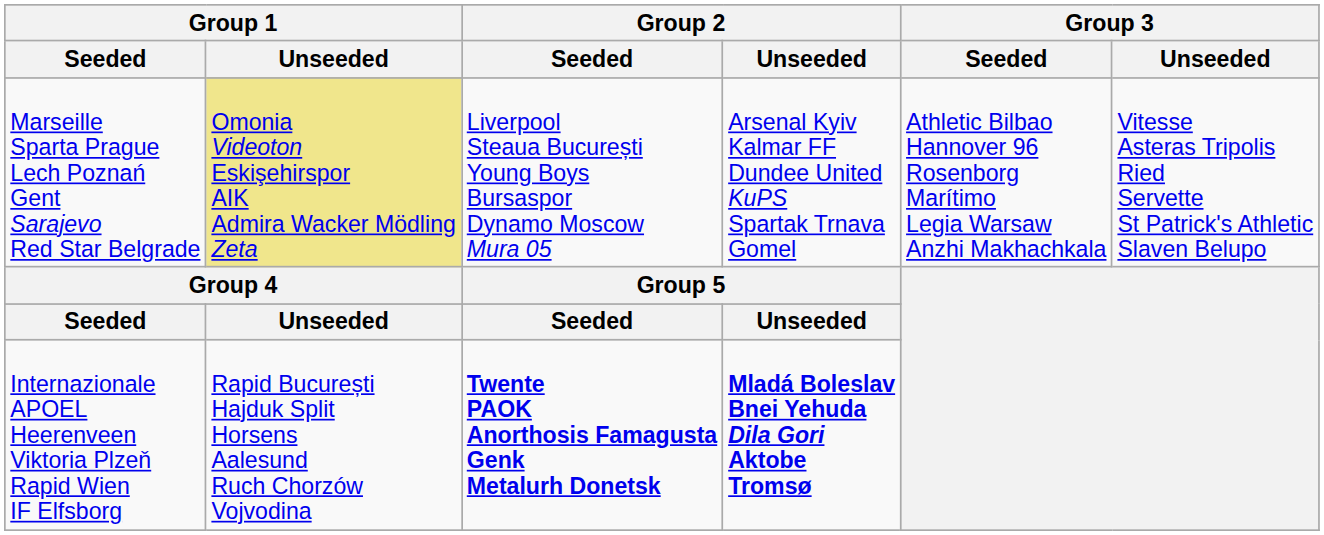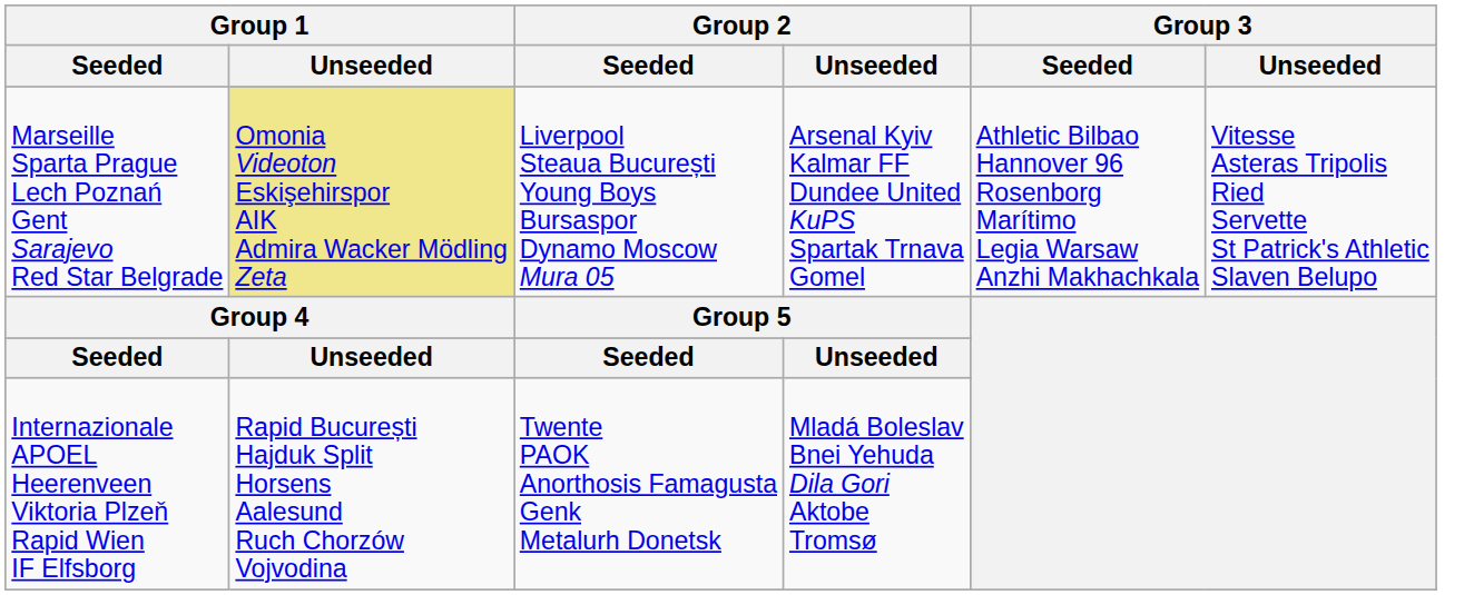 <table class="wikitable" style="font-size:85%">
 <tr>
 <th colspan=2>Group 1</th>
 <th colspan=2>Group 2</th>
 <th colspan=2>Group 3</th>
 </tr>
 <tr>
 <th>Seeded</th>
 <th>Unseeded</th>
 <th>Seeded</th>
 <th>Unseeded</th>
 <th>Seeded</th>
 <th>Unseeded</th>
 </tr>
 <tr>
 <td valign=top><br> <a href='#'>Marseille</a><br>  <a href='#'>Sparta Prague</a><br>  <a href='#'>Lech Poznań</a><br>  <a href='#'>Gent</a><br>  <em><a href='#'>Sarajevo</a></em><br>  <a href='#'>Red Star Belgrade</a></td>
 <td valign=top style="background: khaki;"><br> <a href='#'>Omonia</a><br>  <em><a href='#'>Videoton</a></em><br>  <a href='#'>Eskişehirspor</a><br>  <a href='#'>AIK</a><br>  <a href='#'>Admira Wacker Mödling</a><br>  <em><a href='#'>Zeta</a></em></td>
 <td valign=top><br> <a href='#'>Liverpool</a><br>  <a href='#'>Steaua București</a><br>  <a href='#'>Young Boys</a><br>  <a href='#'>Bursaspor</a><br>  <a href='#'>Dynamo Moscow</a><br>  <em><a href='#'>Mura 05</a></em></td>
 <td valign=top><br> <a href='#'>Arsenal Kyiv</a><br>  <a href='#'>Kalmar FF</a><br>  <a href='#'>Dundee United</a><br>  <em><a href='#'>KuPS</a></em><br>  <a href='#'>Spartak Trnava</a><br>  <a href='#'>Gomel</a></td>
 <td valign=top><br> <a href='#'>Athletic Bilbao</a><br>  <a href='#'>Hannover 96</a><br>  <a href='#'>Rosenborg</a><br>  <a href='#'>Marítimo</a><br>  <a href='#'>Legia Warsaw</a><br>  <a href='#'>Anzhi Makhachkala</a></td>
 <td valign=top><br> <a href='#'>Vitesse</a><br>  <a href='#'>Asteras Tripolis</a><br>  <a href='#'>Ried</a><br>  <a href='#'>Servette</a><br>  <a href='#'>St Patrick's Athletic</a><br>  <a href='#'>Slaven Belupo</a></td>
 </tr>
 <tr>
 <th colspan=2>Group 4</th>
 <th colspan=2>Group 5</th>
 <th rowspan=3 colspan=2></th>
 </tr>
 <tr>
 <th>Seeded</th>
 <th>Unseeded</th>
 <th>Seeded</th>
 <th>Unseeded</th>
 </tr>
 <tr>
 <td valign=top><br> <a href='#'>Internazionale</a><br>  <a href='#'>APOEL</a><br>  <a href='#'>Heerenveen</a><br>  <a href='#'>Viktoria Plzeň</a><br>  <a href='#'>Rapid Wien</a><br>  <a href='#'>IF Elfsborg</a></td>
 <td valign=top><br> <a href='#'>Rapid București</a><br>  <a href='#'>Hajduk Split</a><br>  <a href='#'>Horsens</a><br>  <a href='#'>Aalesund</a><br>  <a href='#'>Ruch Chorzów</a><br>  <a href='#'>Vojvodina</a></td>
-<td valign=top><strong><br> <a href='#'>Twente</a><br>  <a href='#'>PAOK</a><br>  <a href='#'>Anorthosis Famagusta</a><br>  <a href='#'>Genk</a><br>  <a href='#'>Metalurh Donetsk</a></strong></td>
-<td valign=top><strong><br> <a href='#'>Mladá Boleslav</a><br>  <a href='#'>Bnei Yehuda</a><br>  <em><a href='#'>Dila Gori</a></em><br>  <a href='#'>Aktobe</a><br>  <a href='#'>Tromsø</a></strong></td>
+<td valign=top><br> <a href='#'>Twente</a><br>  <a href='#'>PAOK</a><br>  <a href='#'>Anorthosis Famagusta</a><br>  <a href='#'>Genk</a><br>  <a href='#'>Metalurh Donetsk</a></td>
+<td valign=top><br> <a href='#'>Mladá Boleslav</a><br>  <a href='#'>Bnei Yehuda</a><br>  <em><a href='#'>Dila Gori</a></em><br>  <a href='#'>Aktobe</a><br>  <a href='#'>Tromsø</a></td>
 </tr>
 </table>
